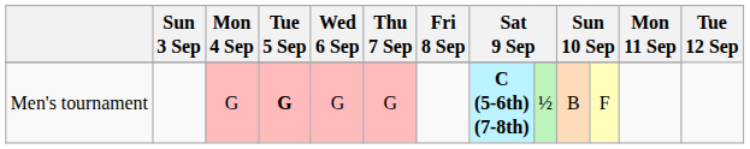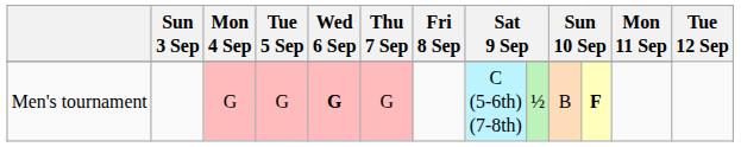 <table class="wikitable" style="margin:0.5em auto; font-size:90%; line-height:1.25em;">
 <tr align="center">
 <th></th>
 <th>Sun<br>3 Sep</th>
 <th>Mon<br>4 Sep</th>
 <th>Tue<br>5 Sep</th>
 <th>Wed<br>6 Sep</th>
 <th>Thu<br>7 Sep</th>
 <th>Fri<br>8 Sep</th>
 <th colspan=2>Sat<br>9 Sep</th>
 <th colspan=2>Sun<br>10 Sep</th>
 <th>Mon<br>11 Sep</th>
 <th>Tue<br>12 Sep</th>
 </tr>
 <tr>
 </tr>
 <tr align="center">
 <td align="left">Men's tournament</td>
 <td></td>
 <td bgcolor=#FFBBBB>G</td>
+<td bgcolor=#FFBBBB>G</td>
 <td bgcolor=#FFBBBB><strong>G</strong></td>
 <td bgcolor=#FFBBBB>G</td>
-<td bgcolor=#FFBBBB>G</td>
 <td></td>
-<td bgcolor=#BBF3FF><strong>C<br>(5-6th)<br>(7-8th)</strong></td>
+<td bgcolor=#BBF3FF>C<br>(5-6th)<br>(7-8th)</td>
 <td bgcolor=#BBF3BB>½</td>
 <td bgcolor=#FEDCBA>B</td>
-<td bgcolor=#FFFFBB>F</td>
+<td bgcolor=#FFFFBB><strong>F</strong></td>
 <td></td>
 </tr>
 </table>
